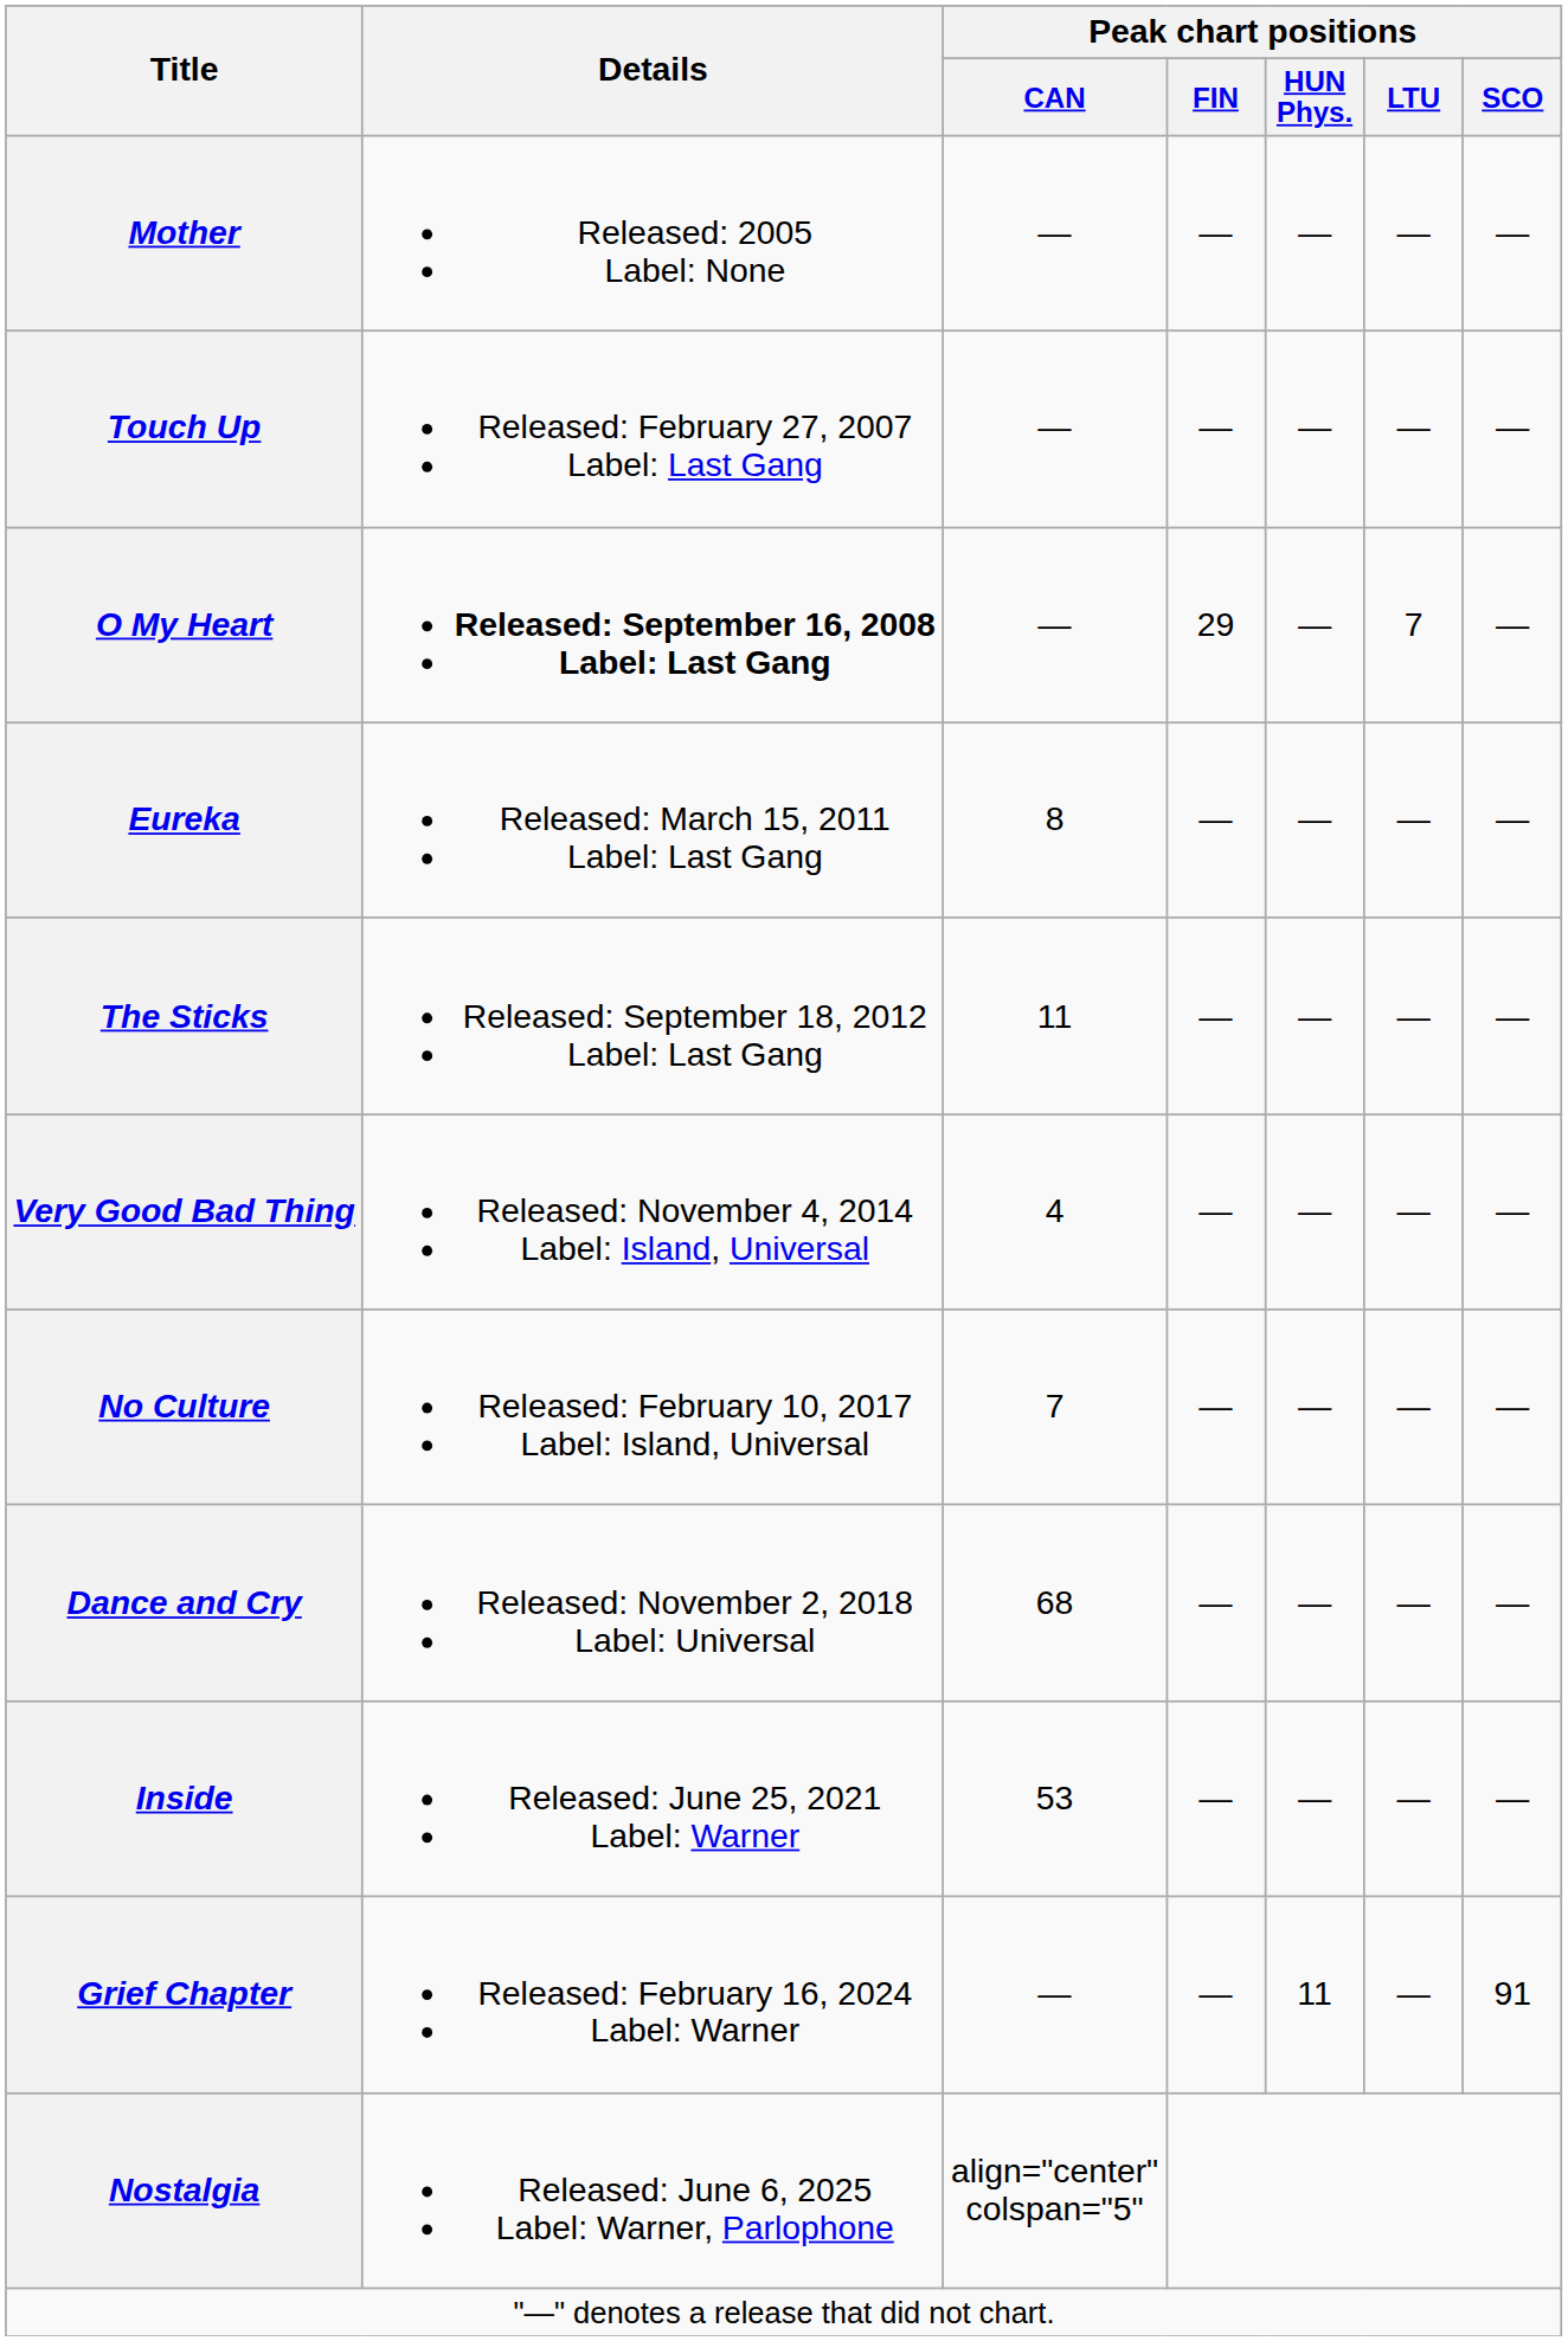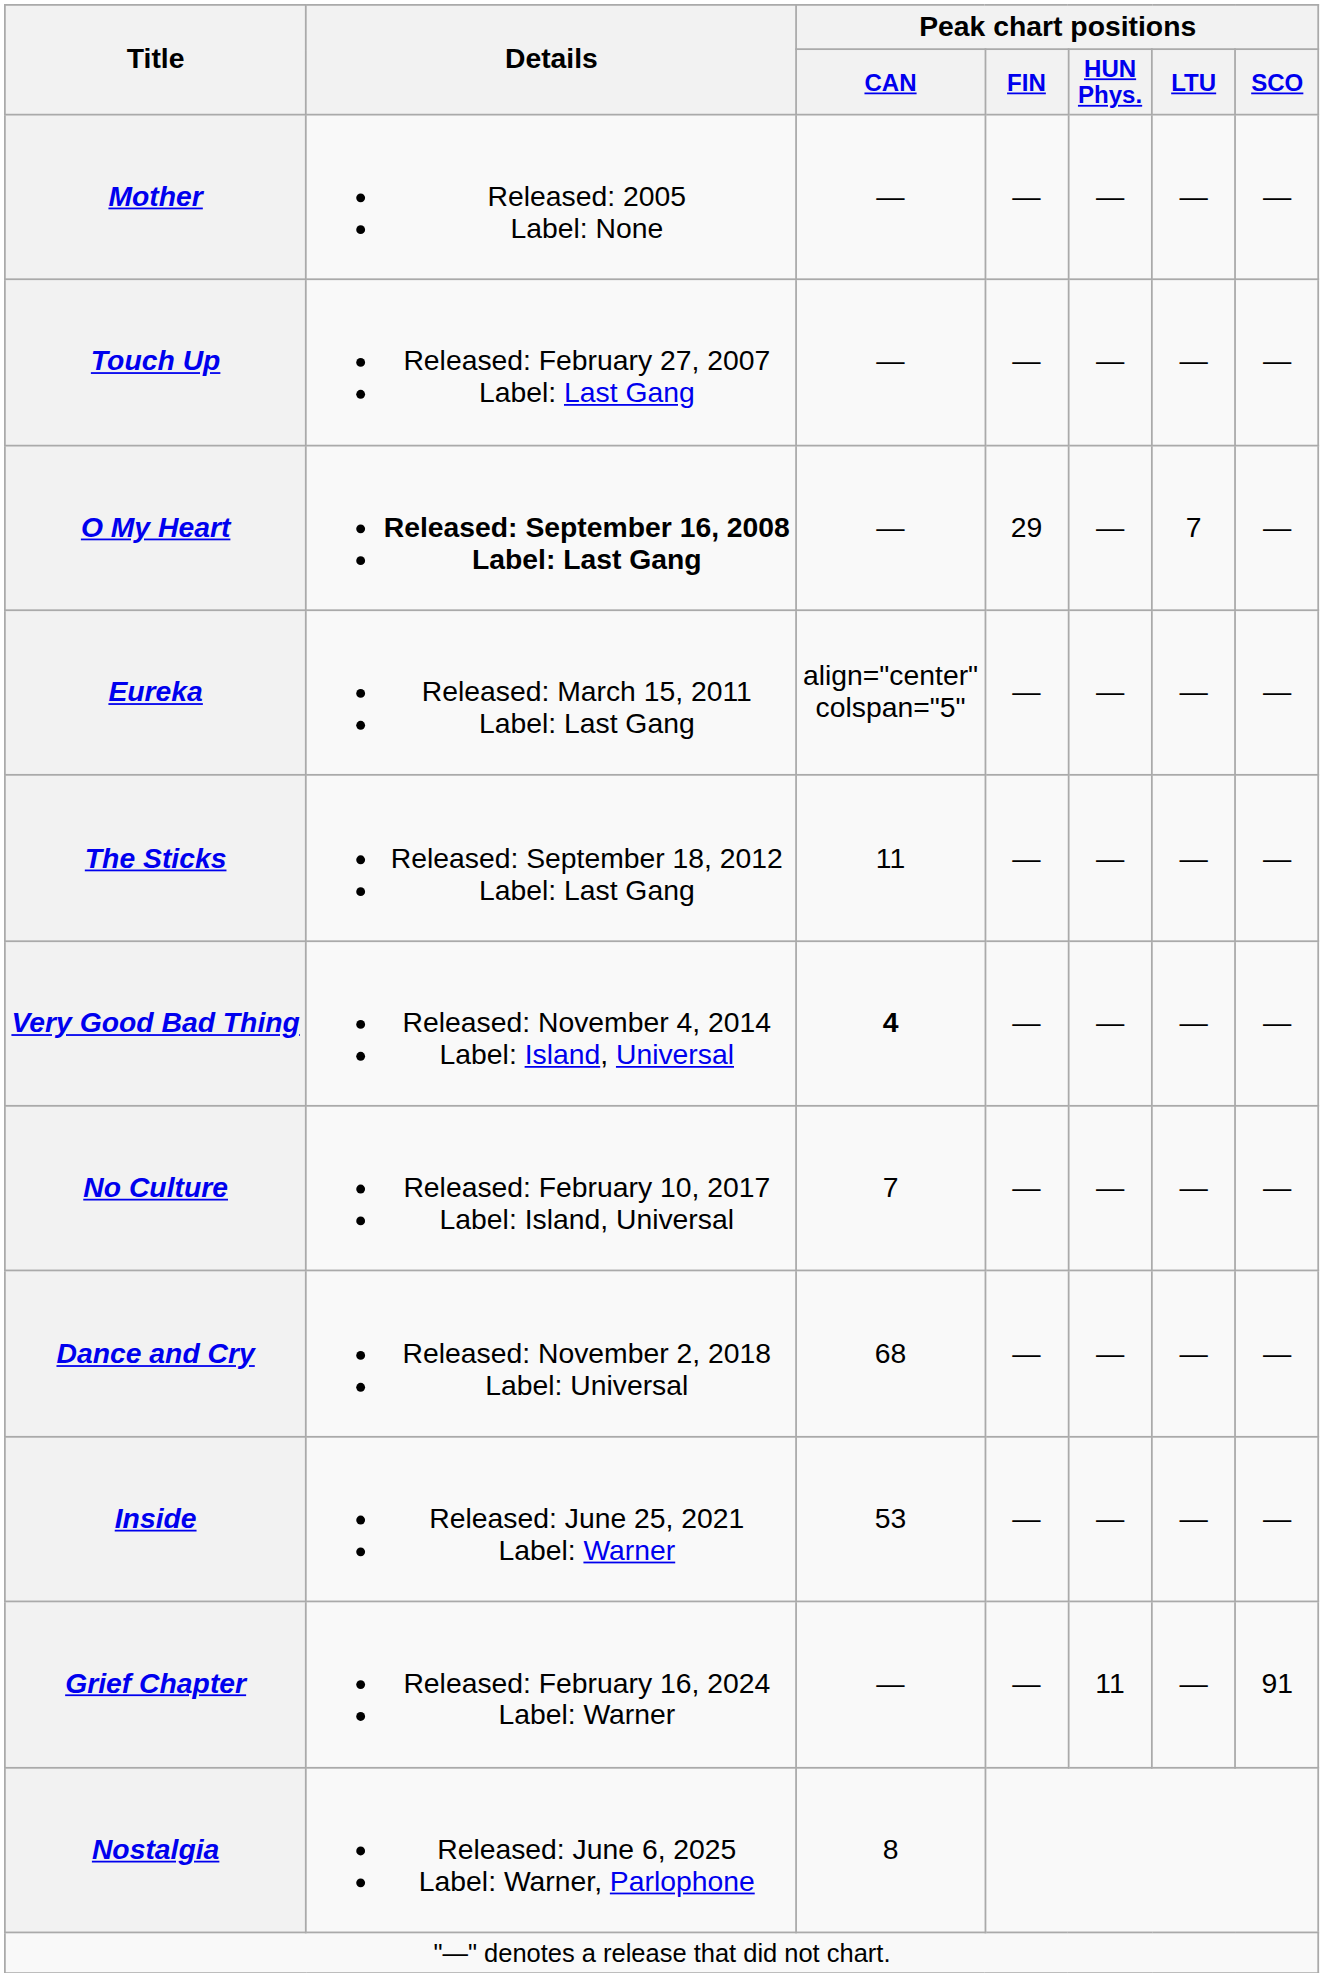 <table class="wikitable plainrowheaders" style="text-align:center;">
 <tr>
 <th scope="col" rowspan="2">Title</th>
 <th scope="col" rowspan="2">Details</th>
 <th scope="col" colspan="5">Peak chart positions</th>
 </tr>
 <tr>
 <th scope="col" style="width:3em;font-size:85%;"><a href='#'>CAN</a><br></th>
 <th scope="col" style="width:3em;font-size:85%;"><a href='#'>FIN</a><br></th>
 <th scope="col" style="width:3em;font-size:85%;"><a href='#'>HUN<br>Phys.</a><br></th>
 <th scope="col" style="width:3em;font-size:85%;"><a href='#'>LTU</a><br></th>
 <th scope="col" style="width:3em;font-size:85%;"><a href='#'>SCO</a><br></th>
 </tr>
 <tr>
 <th scope="row"><em><a href='#'>Mother</a></em></th>
 <td><br><ul><li>Released: 2005</li><li>Label: None</li></ul></td>
 <td>—</td>
 <td>—</td>
 <td>—</td>
 <td>—</td>
 <td>—</td>
 </tr>
 <tr>
 <th scope="row"><em><a href='#'>Touch Up</a></em></th>
 <td><br><ul><li>Released: February 27, 2007</li><li>Label: <a href='#'>Last Gang</a></li></ul></td>
 <td>—</td>
 <td>—</td>
 <td>—</td>
 <td>—</td>
 <td>—</td>
 </tr>
 <tr>
 <th scope="row"><em><a href='#'>O My Heart</a></em></th>
 <td><strong><br><ul><li>Released: September 16, 2008</li><li>Label: Last Gang</li></ul></strong></td>
 <td>—</td>
 <td>29</td>
 <td>—</td>
 <td>7</td>
 <td>—</td>
 </tr>
 <tr>
 <th scope="row"><em><a href='#'>Eureka</a></em></th>
 <td><br><ul><li>Released: March 15, 2011</li><li>Label: Last Gang</li></ul></td>
-<td>8</td>
+<td>align="center" colspan="5" </td>
 <td>—</td>
 <td>—</td>
 <td>—</td>
 <td>—</td>
 </tr>
 <tr>
 <th scope="row"><em><a href='#'>The Sticks</a></em></th>
 <td><br><ul><li>Released: September 18, 2012</li><li>Label: Last Gang</li></ul></td>
 <td>11</td>
 <td>—</td>
 <td>—</td>
 <td>—</td>
 <td>—</td>
 </tr>
 <tr>
 <th scope="row"><em><a href='#'>Very Good Bad Thing</a></em></th>
 <td><br><ul><li>Released: November 4, 2014</li><li>Label: <a href='#'>Island</a>, <a href='#'>Universal</a></li></ul></td>
-<td>4</td>
+<td><strong>4</strong></td>
 <td>—</td>
 <td>—</td>
 <td>—</td>
 <td>—</td>
 </tr>
 <tr>
 <th scope="row"><em><a href='#'>No Culture</a></em></th>
 <td><br><ul><li>Released: February 10, 2017</li><li>Label: Island, Universal</li></ul></td>
 <td>7</td>
 <td>—</td>
 <td>—</td>
 <td>—</td>
 <td>—</td>
 </tr>
 <tr>
 <th scope="row"><em><a href='#'>Dance and Cry</a></em></th>
 <td><br><ul><li>Released: November 2, 2018</li><li>Label: Universal</li></ul></td>
 <td>68</td>
 <td>—</td>
 <td>—</td>
 <td>—</td>
 <td>—</td>
 </tr>
 <tr>
 <th scope="row"><em><a href='#'>Inside</a></em></th>
 <td><br><ul><li>Released: June 25, 2021</li><li>Label: <a href='#'>Warner</a></li></ul></td>
 <td>53</td>
 <td>—</td>
 <td>—</td>
 <td>—</td>
 <td>—</td>
 </tr>
 <tr>
 <th scope="row"><em><a href='#'>Grief Chapter</a></em></th>
 <td><br><ul><li>Released: February 16, 2024</li><li>Label: Warner</li></ul></td>
 <td>—</td>
 <td>—</td>
 <td>11</td>
 <td>—</td>
 <td>91</td>
 </tr>
 <tr>
 <th scope="row"><em><a href='#'>Nostalgia</a></em></th>
 <td><br><ul><li>Released: June 6, 2025</li><li>Label: Warner, <a href='#'>Parlophone</a></li></ul></td>
-<td>align="center" colspan="5" </td>
+<td>8</td>
 </tr>
 <tr>
 <td colspan="14" style="font-size:90%">"—" denotes a release that did not chart.</td>
 </tr>
 </table>
